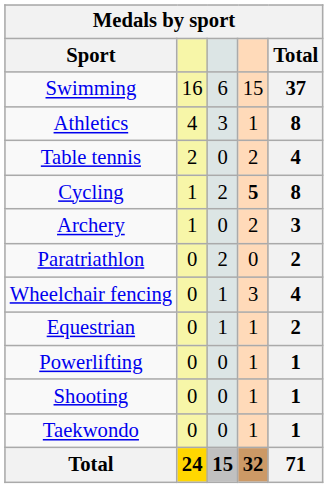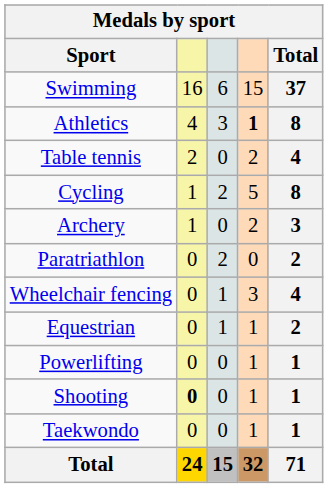 <table class="wikitable" style="font-size:85%; float:right;">
 <tr style="background:#efefef;">
 <th colspan=7>Medals by sport</th>
 </tr>
 <tr align=center>
 <th>Sport</th>
 <td style="background:#f7f6a8;"></td>
 <td style="background:#dce5e5;"></td>
 <td style="background:#ffdab9;"></td>
 <th>Total</th>
 </tr>
 <tr align=center>
 <td><a href='#'>Swimming</a></td>
 <td style="background:#f7f6a8;">16</td>
 <td style="background:#dce5e5;">6</td>
 <td style="background:#ffdab9;">15</td>
 <th>37</th>
 </tr>
 <tr align=center>
 <td><a href='#'>Athletics</a></td>
 <td style="background:#f7f6a8;">4</td>
 <td style="background:#dce5e5;">3</td>
-<td style="background:#ffdab9;">1</td>
+<td style="background:#ffdab9;"><strong>1</strong></td>
 <th>8</th>
 </tr>
 <tr align=center>
 <td><a href='#'>Table tennis</a></td>
 <td style="background:#f7f6a8;">2</td>
 <td style="background:#dce5e5;">0</td>
 <td style="background:#ffdab9;">2</td>
 <th>4</th>
 </tr>
 <tr align=center>
 <td><a href='#'>Cycling</a></td>
 <td style="background:#f7f6a8;">1</td>
 <td style="background:#dce5e5;">2</td>
-<td style="background:#ffdab9;"><strong>5</strong></td>
+<td style="background:#ffdab9;">5</td>
 <th>8</th>
 </tr>
 <tr align=center>
 <td><a href='#'>Archery</a></td>
 <td style="background:#f7f6a8;">1</td>
 <td style="background:#dce5e5;">0</td>
 <td style="background:#ffdab9;">2</td>
 <th>3</th>
 </tr>
 <tr align=center>
 <td><a href='#'>Paratriathlon</a></td>
 <td style="background:#f7f6a8;">0</td>
 <td style="background:#dce5e5;">2</td>
 <td style="background:#ffdab9;">0</td>
 <th>2</th>
 </tr>
 <tr align=center>
 <td><a href='#'>Wheelchair fencing</a></td>
 <td style="background:#f7f6a8;">0</td>
 <td style="background:#dce5e5;">1</td>
 <td style="background:#ffdab9;">3</td>
 <th>4</th>
 </tr>
 <tr align=center>
 <td><a href='#'>Equestrian</a></td>
 <td style="background:#f7f6a8;">0</td>
 <td style="background:#dce5e5;">1</td>
 <td style="background:#ffdab9;">1</td>
 <th>2</th>
 </tr>
 <tr align=center>
 <td><a href='#'>Powerlifting</a></td>
 <td style="background:#f7f6a8;">0</td>
 <td style="background:#dce5e5;">0</td>
 <td style="background:#ffdab9;">1</td>
 <th>1</th>
 </tr>
 <tr align=center>
 <td><a href='#'>Shooting</a></td>
-<td style="background:#f7f6a8;">0</td>
+<td style="background:#f7f6a8;"><strong>0</strong></td>
 <td style="background:#dce5e5;">0</td>
 <td style="background:#ffdab9;">1</td>
 <th>1</th>
 </tr>
 <tr align=center>
 <td><a href='#'>Taekwondo</a></td>
 <td style="background:#f7f6a8;">0</td>
 <td style="background:#dce5e5;">0</td>
 <td style="background:#ffdab9;">1</td>
 <th>1</th>
 </tr>
 <tr align=center>
 <th>Total</th>
 <th style="background:gold;">24</th>
 <th style="background:silver;">15</th>
 <th style="background:#c96;">32</th>
 <th>71</th>
 </tr>
 </table>
